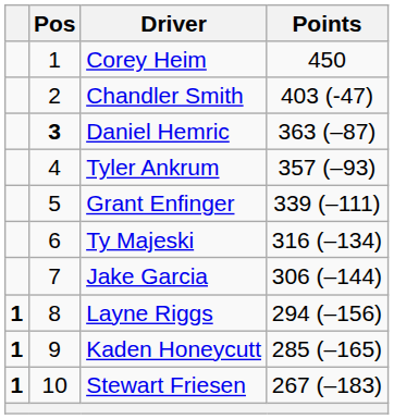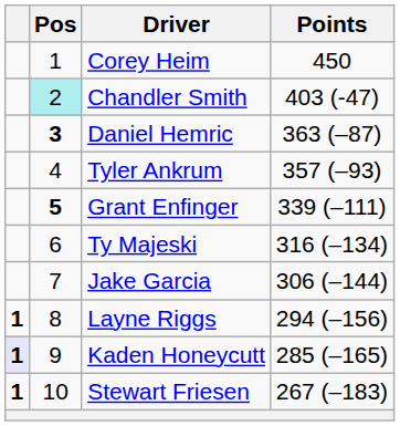 <table class="wikitable" style="font-size: 95%;">
 <tr>
 <th></th>
 <th>Pos</th>
 <th>Driver</th>
 <th>Points</th>
 </tr>
 <tr>
 <td align="left"></td>
 <td style="text-align:center;">1</td>
 <td><a href='#'>Corey Heim</a></td>
 <td style="text-align:center;">450</td>
 </tr>
 <tr>
 <td align="left"></td>
-<td style="text-align:center;">2</td>
+<td style="background: paleturquoise; text-align:center;">2</td>
 <td><a href='#'>Chandler Smith</a></td>
 <td style="text-align:center;">403 (-47)</td>
 </tr>
 <tr>
 <td align="left"></td>
 <td style="text-align:center;"><strong>3</strong></td>
 <td><a href='#'>Daniel Hemric</a></td>
 <td style="text-align:center;">363 (–87)</td>
 </tr>
 <tr>
 <td align="left"></td>
 <td style="text-align:center;">4</td>
 <td><a href='#'>Tyler Ankrum</a></td>
 <td style="text-align:center;">357 (–93)</td>
 </tr>
 <tr>
 <td align="left"></td>
-<td style="text-align:center;">5</td>
+<td style="text-align:center;"><strong>5</strong></td>
 <td><a href='#'>Grant Enfinger</a></td>
 <td style="text-align:center;">339 (–111)</td>
 </tr>
 <tr>
 <td align="left"></td>
 <td style="text-align:center;">6</td>
 <td><a href='#'>Ty Majeski</a></td>
 <td style="text-align:center;">316 (–134)</td>
 </tr>
 <tr>
 <td align="left"></td>
 <td style="text-align:center;">7</td>
 <td><a href='#'>Jake Garcia</a></td>
 <td style="text-align:center;">306 (–144)</td>
 </tr>
 <tr>
 <td align="left"> <strong>1</strong></td>
 <td style="text-align:center;">8</td>
 <td><a href='#'>Layne Riggs</a></td>
 <td style="text-align:center;">294 (–156)</td>
 </tr>
 <tr>
-<td align="left"> <strong>1</strong></td>
+<td align="left" style="background: lavender;"> <strong>1</strong></td>
 <td style="text-align:center;">9</td>
 <td><a href='#'>Kaden Honeycutt</a></td>
 <td style="text-align:center;">285 (–165)</td>
 </tr>
 <tr>
 <td align="left"> <strong>1</strong></td>
 <td style="text-align:center;">10</td>
 <td><a href='#'>Stewart Friesen</a></td>
 <td style="text-align:center;">267 (–183)</td>
 </tr>
 <tr class="sortbottom">
 <th colspan="9"></th>
 </tr>
 </table>
